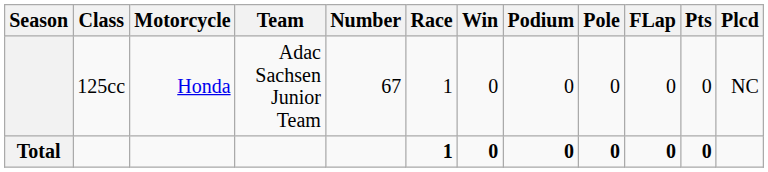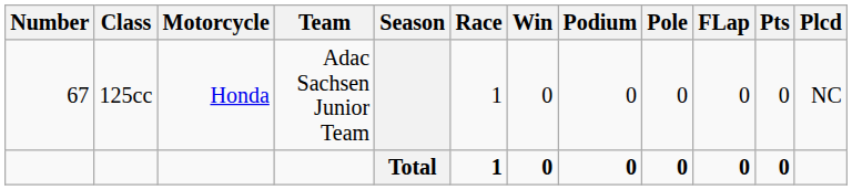 <table class="wikitable" style=text-align:right>
 <tr>
-<th>Season</th>
+<th>Number</th>
 <th>Class</th>
 <th>Motorcycle</th>
 <th>Team</th>
-<th>Number</th>
+<th>Season</th>
 <th>Race</th>
 <th>Win</th>
 <th>Podium</th>
 <th>Pole</th>
 <th>FLap</th>
 <th>Pts</th>
 <th>Plcd</th>
 </tr>
 <tr>
-<th></th>
+<td>67</td>
 <td>125cc</td>
 <td><a href='#'>Honda</a></td>
 <td>Adac Sachsen Junior Team</td>
-<td>67</td>
+<th></th>
 <td>1</td>
 <td>0</td>
 <td>0</td>
 <td>0</td>
 <td>0</td>
 <td>0</td>
 <td>NC</td>
 </tr>
 <tr>
-<th>Total</th>
 <td></td>
 <td></td>
 <td></td>
 <td></td>
+<th>Total</th>
 <td><strong>1</strong></td>
 <td><strong>0</strong></td>
 <td><strong>0</strong></td>
 <td><strong>0</strong></td>
 <td><strong>0</strong></td>
 <td><strong>0</strong></td>
 <td></td>
 </tr>
 </table>
